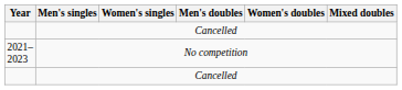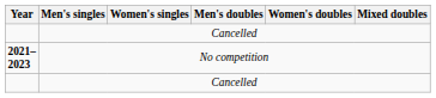 <table class=wikitable style="font-size:90%">
 <tr>
 <th>Year</th>
 <th>Men's singles</th>
 <th>Women's singles</th>
 <th>Men's doubles</th>
 <th>Women's doubles</th>
 <th>Mixed doubles</th>
 </tr>
 <tr>
 <td></td>
 <td colspan="5" align="center"><em>Cancelled</em> </td>
 </tr>
 <tr>
-<td>2021–<br>2023</td>
+<td><strong>2021–<br>2023</strong></td>
 <td colspan=5 align=center><em>No competition</em></td>
 </tr>
 <tr>
 <td></td>
 <td colspan="5" align="center"><em>Cancelled</em> </td>
 </tr>
 </table>
